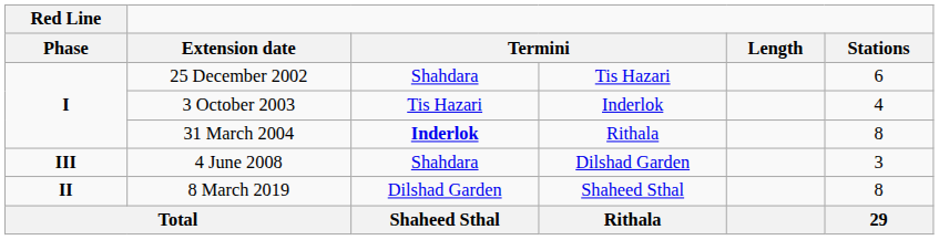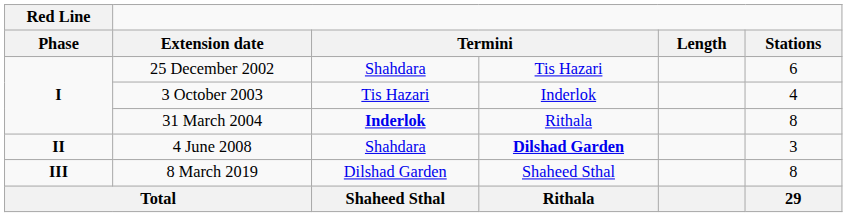 <table class="wikitable" style="text-align: center; width:65%">
 <tr>
 <th style="background:#"><span>Red Line</span></th>
 </tr>
 <tr>
 <th>Phase</th>
 <th>Extension date</th>
 <th colspan="2">Termini</th>
 <th>Length</th>
 <th>Stations</th>
 </tr>
 <tr>
 <td rowspan="3"><strong>I</strong></td>
 <td>25 December 2002</td>
 <td><a href='#'>Shahdara</a></td>
 <td><a href='#'>Tis Hazari</a></td>
 <td></td>
 <td>6</td>
 </tr>
 <tr>
 <td>3 October 2003</td>
 <td><a href='#'>Tis Hazari</a></td>
 <td><a href='#'>Inderlok</a></td>
 <td></td>
 <td>4</td>
 </tr>
 <tr>
 <td>31 March 2004</td>
 <td><strong><a href='#'>Inderlok</a></strong></td>
 <td><a href='#'>Rithala</a></td>
 <td></td>
 <td>8</td>
 </tr>
 <tr>
-<td><strong>III</strong></td>
+<td><strong>II</strong></td>
 <td>4 June 2008</td>
 <td><a href='#'>Shahdara</a></td>
-<td><a href='#'>Dilshad Garden</a></td>
+<td><strong><a href='#'>Dilshad Garden</a></strong></td>
 <td></td>
 <td>3</td>
 </tr>
 <tr>
-<td><strong>II</strong></td>
+<td><strong>III</strong></td>
 <td>8 March 2019</td>
 <td><a href='#'>Dilshad Garden</a></td>
 <td><a href='#'>Shaheed Sthal</a></td>
 <td></td>
 <td>8</td>
 </tr>
 <tr>
 <th colspan="2">Total</th>
 <th>Shaheed Sthal</th>
 <th>Rithala</th>
 <th></th>
 <th>29</th>
 </tr>
 </table>
